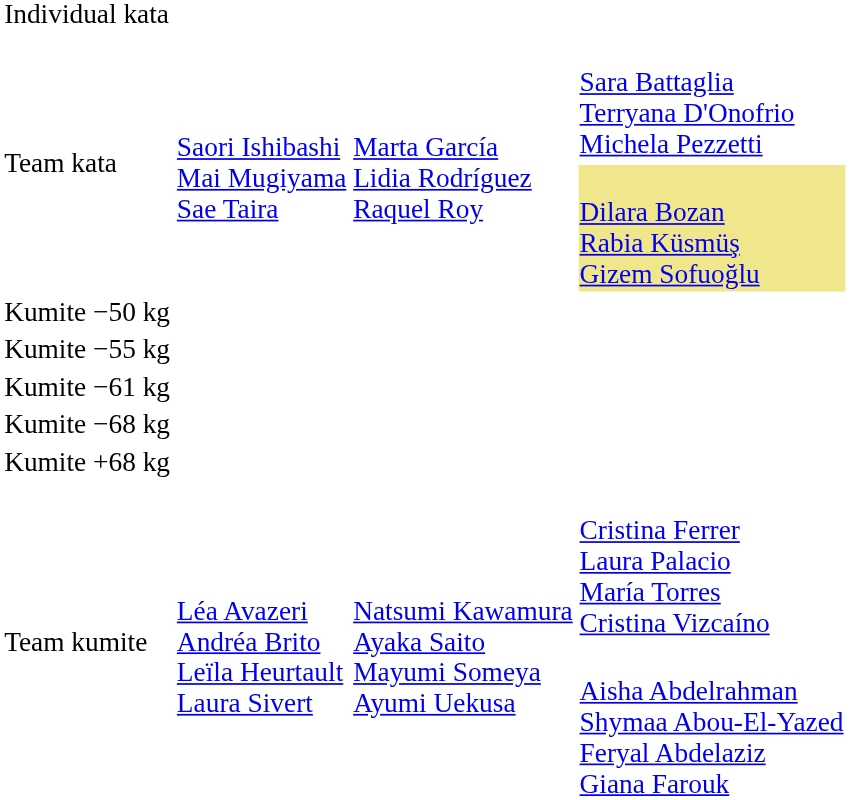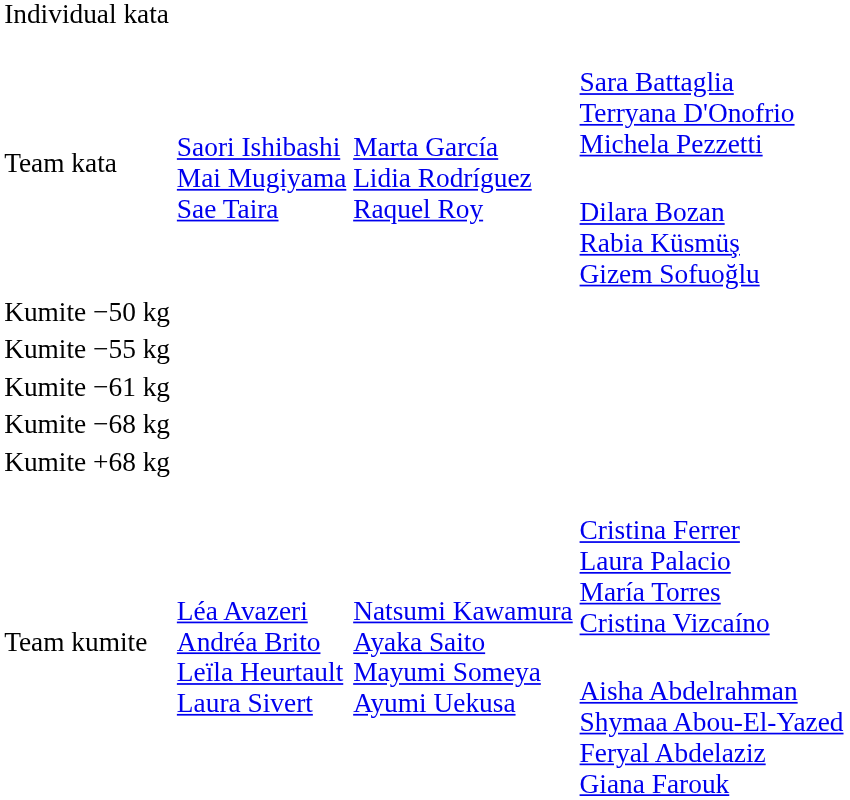 <table>
 <tr>
 <td rowspan=2>Individual kata<br></td>
 <td rowspan=2></td>
 <td rowspan=2></td>
 <td></td>
 </tr>
 <tr>
 <td></td>
 </tr>
 <tr>
 <td rowspan=2>Team kata<br></td>
 <td rowspan=2><br><a href='#'>Saori Ishibashi</a><br><a href='#'>Mai Mugiyama</a><br><a href='#'>Sae Taira</a></td>
 <td rowspan=2><br><a href='#'>Marta García</a><br><a href='#'>Lidia Rodríguez</a><br><a href='#'>Raquel Roy</a></td>
 <td><br><a href='#'>Sara Battaglia</a><br><a href='#'>Terryana D'Onofrio</a><br><a href='#'>Michela Pezzetti</a></td>
 </tr>
 <tr>
-<td style="background: khaki;"><br><a href='#'>Dilara Bozan</a><br><a href='#'>Rabia Küsmüş</a><br><a href='#'>Gizem Sofuoğlu</a></td>
+<td><br><a href='#'>Dilara Bozan</a><br><a href='#'>Rabia Küsmüş</a><br><a href='#'>Gizem Sofuoğlu</a></td>
 </tr>
 <tr>
 <td rowspan=2>Kumite −50 kg<br></td>
 <td rowspan=2></td>
 <td rowspan=2></td>
 <td></td>
 </tr>
 <tr>
 <td></td>
 </tr>
 <tr>
 <td rowspan=2>Kumite −55 kg<br></td>
 <td rowspan=2></td>
 <td rowspan=2></td>
 <td></td>
 </tr>
 <tr>
 <td></td>
 </tr>
 <tr>
 <td rowspan=2>Kumite −61 kg<br></td>
 <td rowspan=2></td>
 <td rowspan=2></td>
 <td></td>
 </tr>
 <tr>
 <td></td>
 </tr>
 <tr>
 <td rowspan=2>Kumite −68 kg<br></td>
 <td rowspan=2></td>
 <td rowspan=2></td>
 <td></td>
 </tr>
 <tr>
 <td></td>
 </tr>
 <tr>
 <td rowspan=2>Kumite +68 kg<br></td>
 <td rowspan=2></td>
 <td rowspan=2></td>
 <td></td>
 </tr>
 <tr>
 <td></td>
 </tr>
 <tr>
 <td rowspan=2>Team kumite<br></td>
 <td rowspan=2><br><a href='#'>Léa Avazeri</a><br><a href='#'>Andréa Brito</a><br><a href='#'>Leïla Heurtault</a><br><a href='#'>Laura Sivert</a></td>
 <td rowspan=2><br><a href='#'>Natsumi Kawamura</a><br><a href='#'>Ayaka Saito</a><br><a href='#'>Mayumi Someya</a><br><a href='#'>Ayumi Uekusa</a></td>
 <td><br><a href='#'>Cristina Ferrer</a><br><a href='#'>Laura Palacio</a><br><a href='#'>María Torres</a><br><a href='#'>Cristina Vizcaíno</a></td>
 </tr>
 <tr>
 <td><br><a href='#'>Aisha Abdelrahman</a><br><a href='#'>Shymaa Abou-El-Yazed</a><br><a href='#'>Feryal Abdelaziz</a><br><a href='#'>Giana Farouk</a></td>
 </tr>
 </table>
